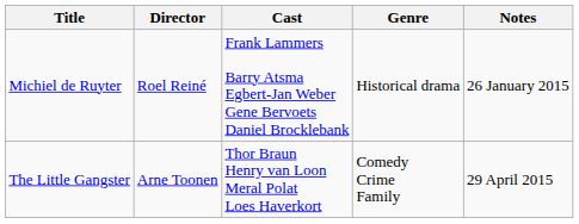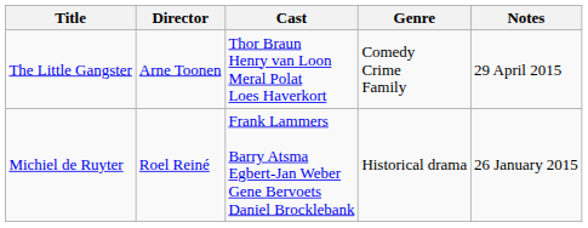 <table class="wikitable">
 <tr>
 <th>Title</th>
 <th>Director</th>
 <th>Cast</th>
 <th>Genre</th>
 <th>Notes</th>
 </tr>
 <tr>
+<td><a href='#'>The Little Gangster</a></td>
+<td><a href='#'>Arne Toonen</a></td>
+<td><a href='#'>Thor Braun</a><br><a href='#'>Henry van Loon</a><br><a href='#'>Meral Polat</a><br><a href='#'>Loes Haverkort</a></td>
+<td>Comedy<br>Crime<br>Family</td>
+<td>29 April 2015</td>
+</tr>
+<tr>
 <td><a href='#'>Michiel de Ruyter</a></td>
 <td><a href='#'>Roel Reiné</a></td>
 <td><a href='#'>Frank Lammers</a><br><br><a href='#'>Barry Atsma</a><br>  <a href='#'>Egbert-Jan Weber</a><br>  <a href='#'>Gene Bervoets</a><br>  <a href='#'>Daniel Brocklebank</a></td>
 <td>Historical drama</td>
 <td>26 January 2015</td>
 </tr>
-<tr>
-<td><a href='#'>The Little Gangster</a></td>
-<td><a href='#'>Arne Toonen</a></td>
-<td><a href='#'>Thor Braun</a><br><a href='#'>Henry van Loon</a><br><a href='#'>Meral Polat</a><br><a href='#'>Loes Haverkort</a></td>
-<td>Comedy<br>Crime<br>Family</td>
-<td>29 April 2015</td>
-</tr>
 </table>
